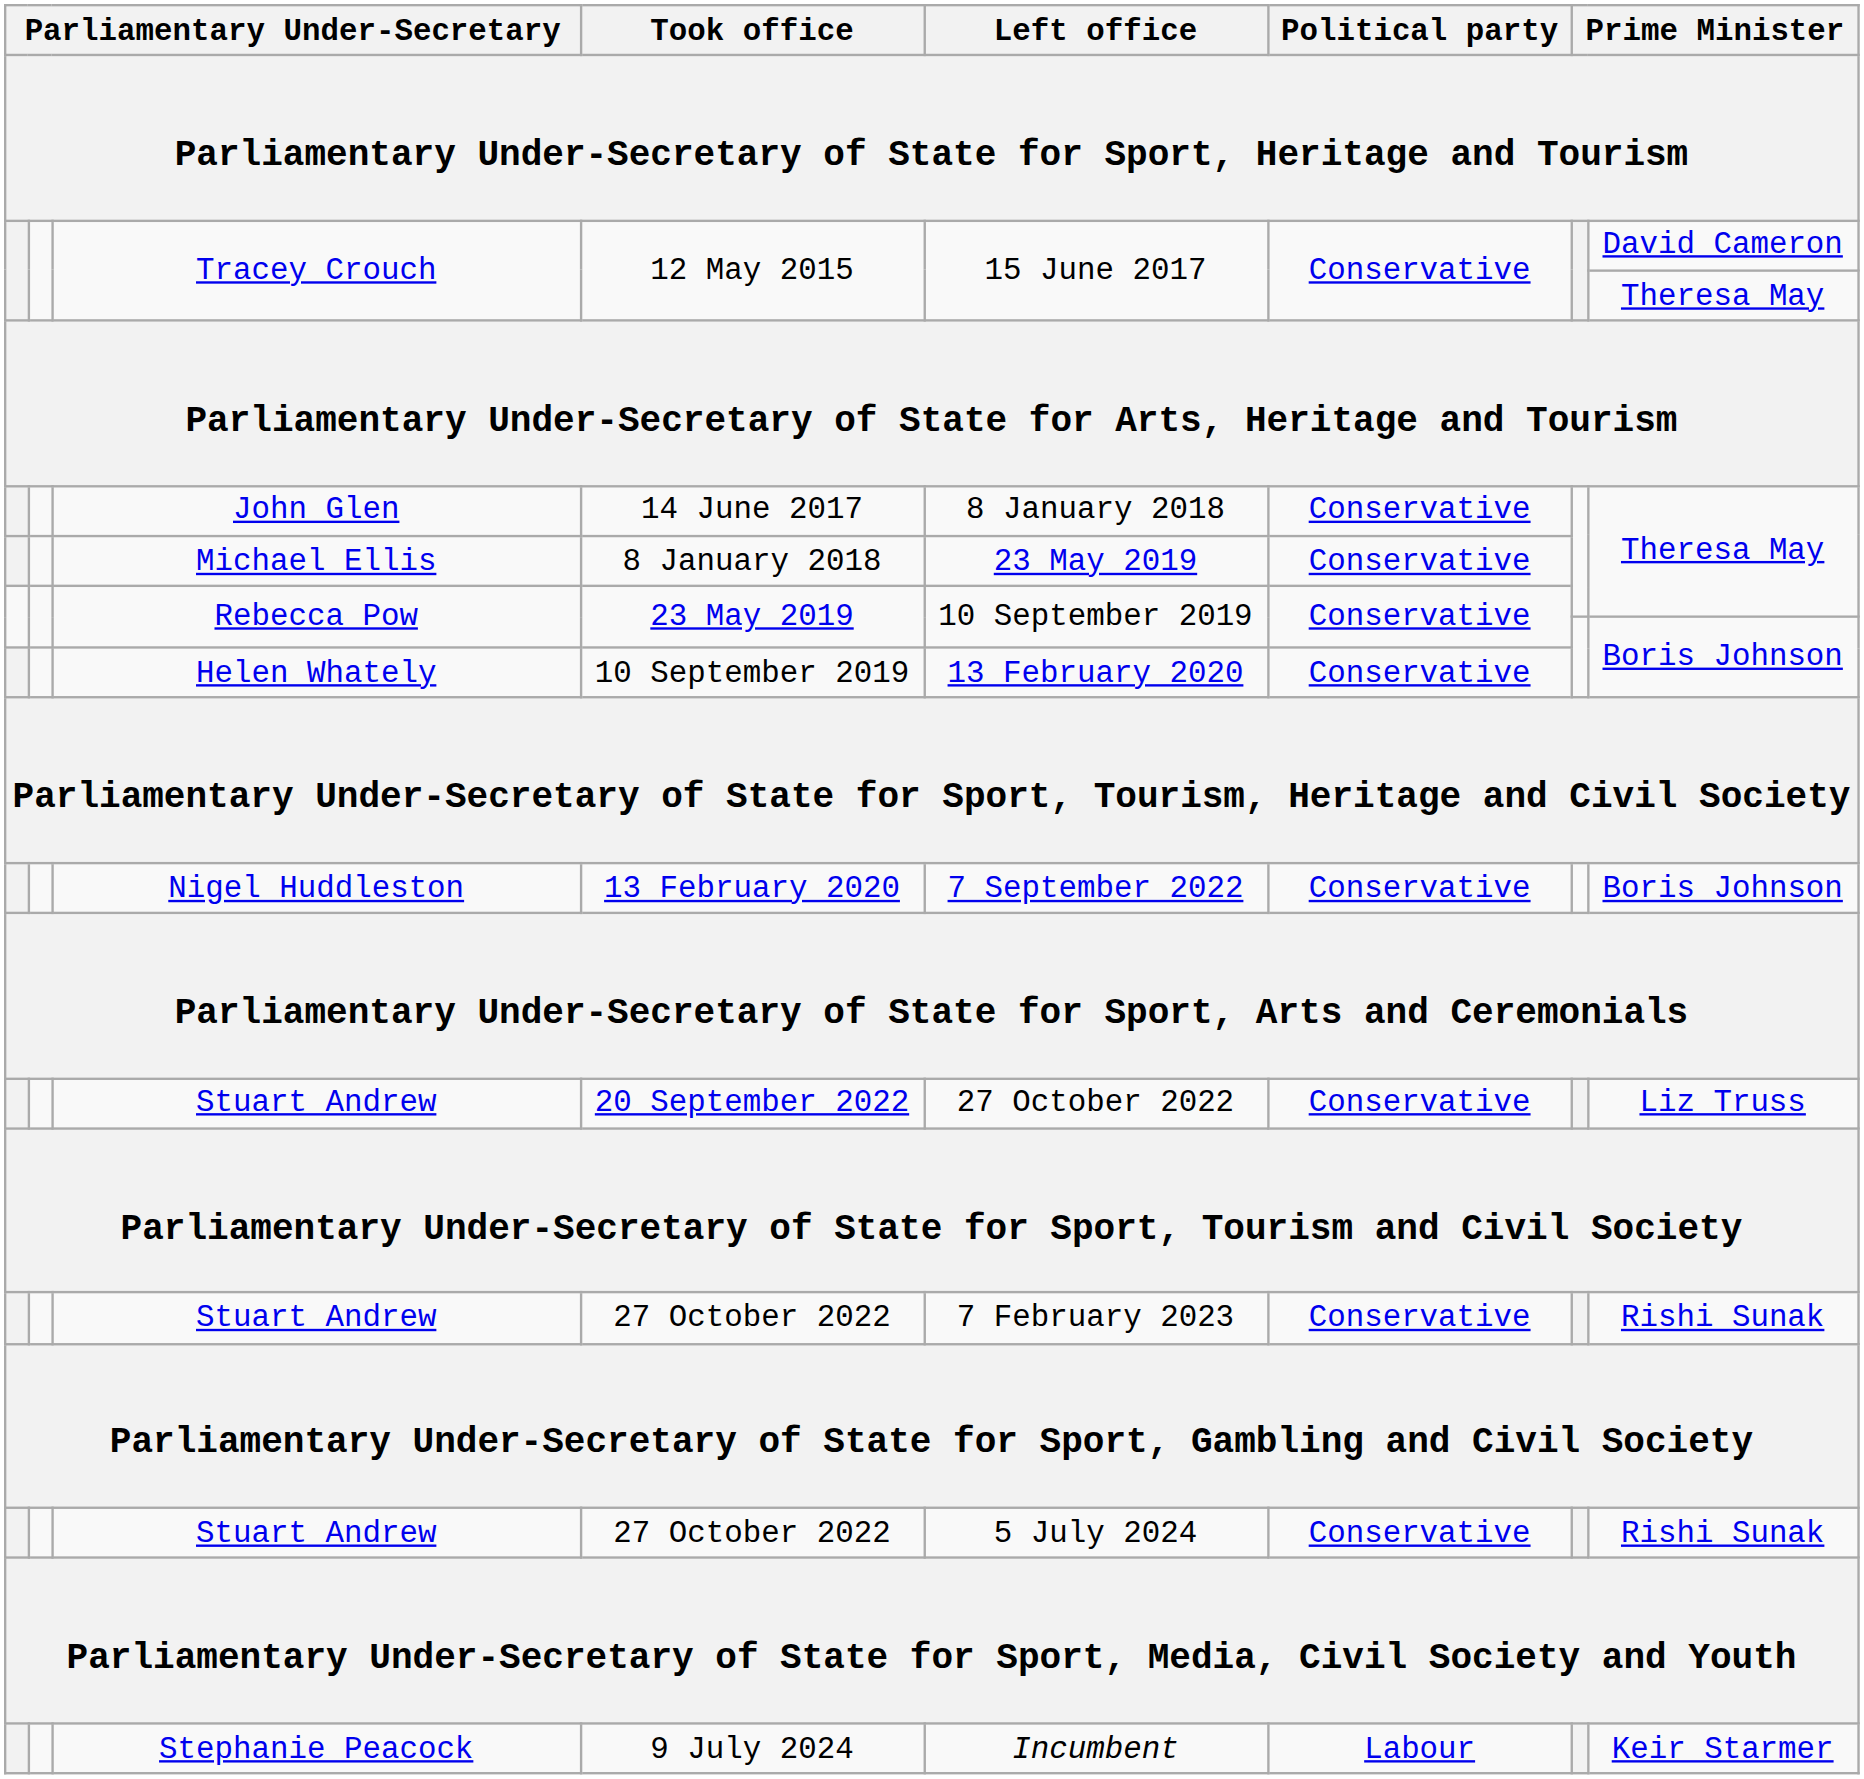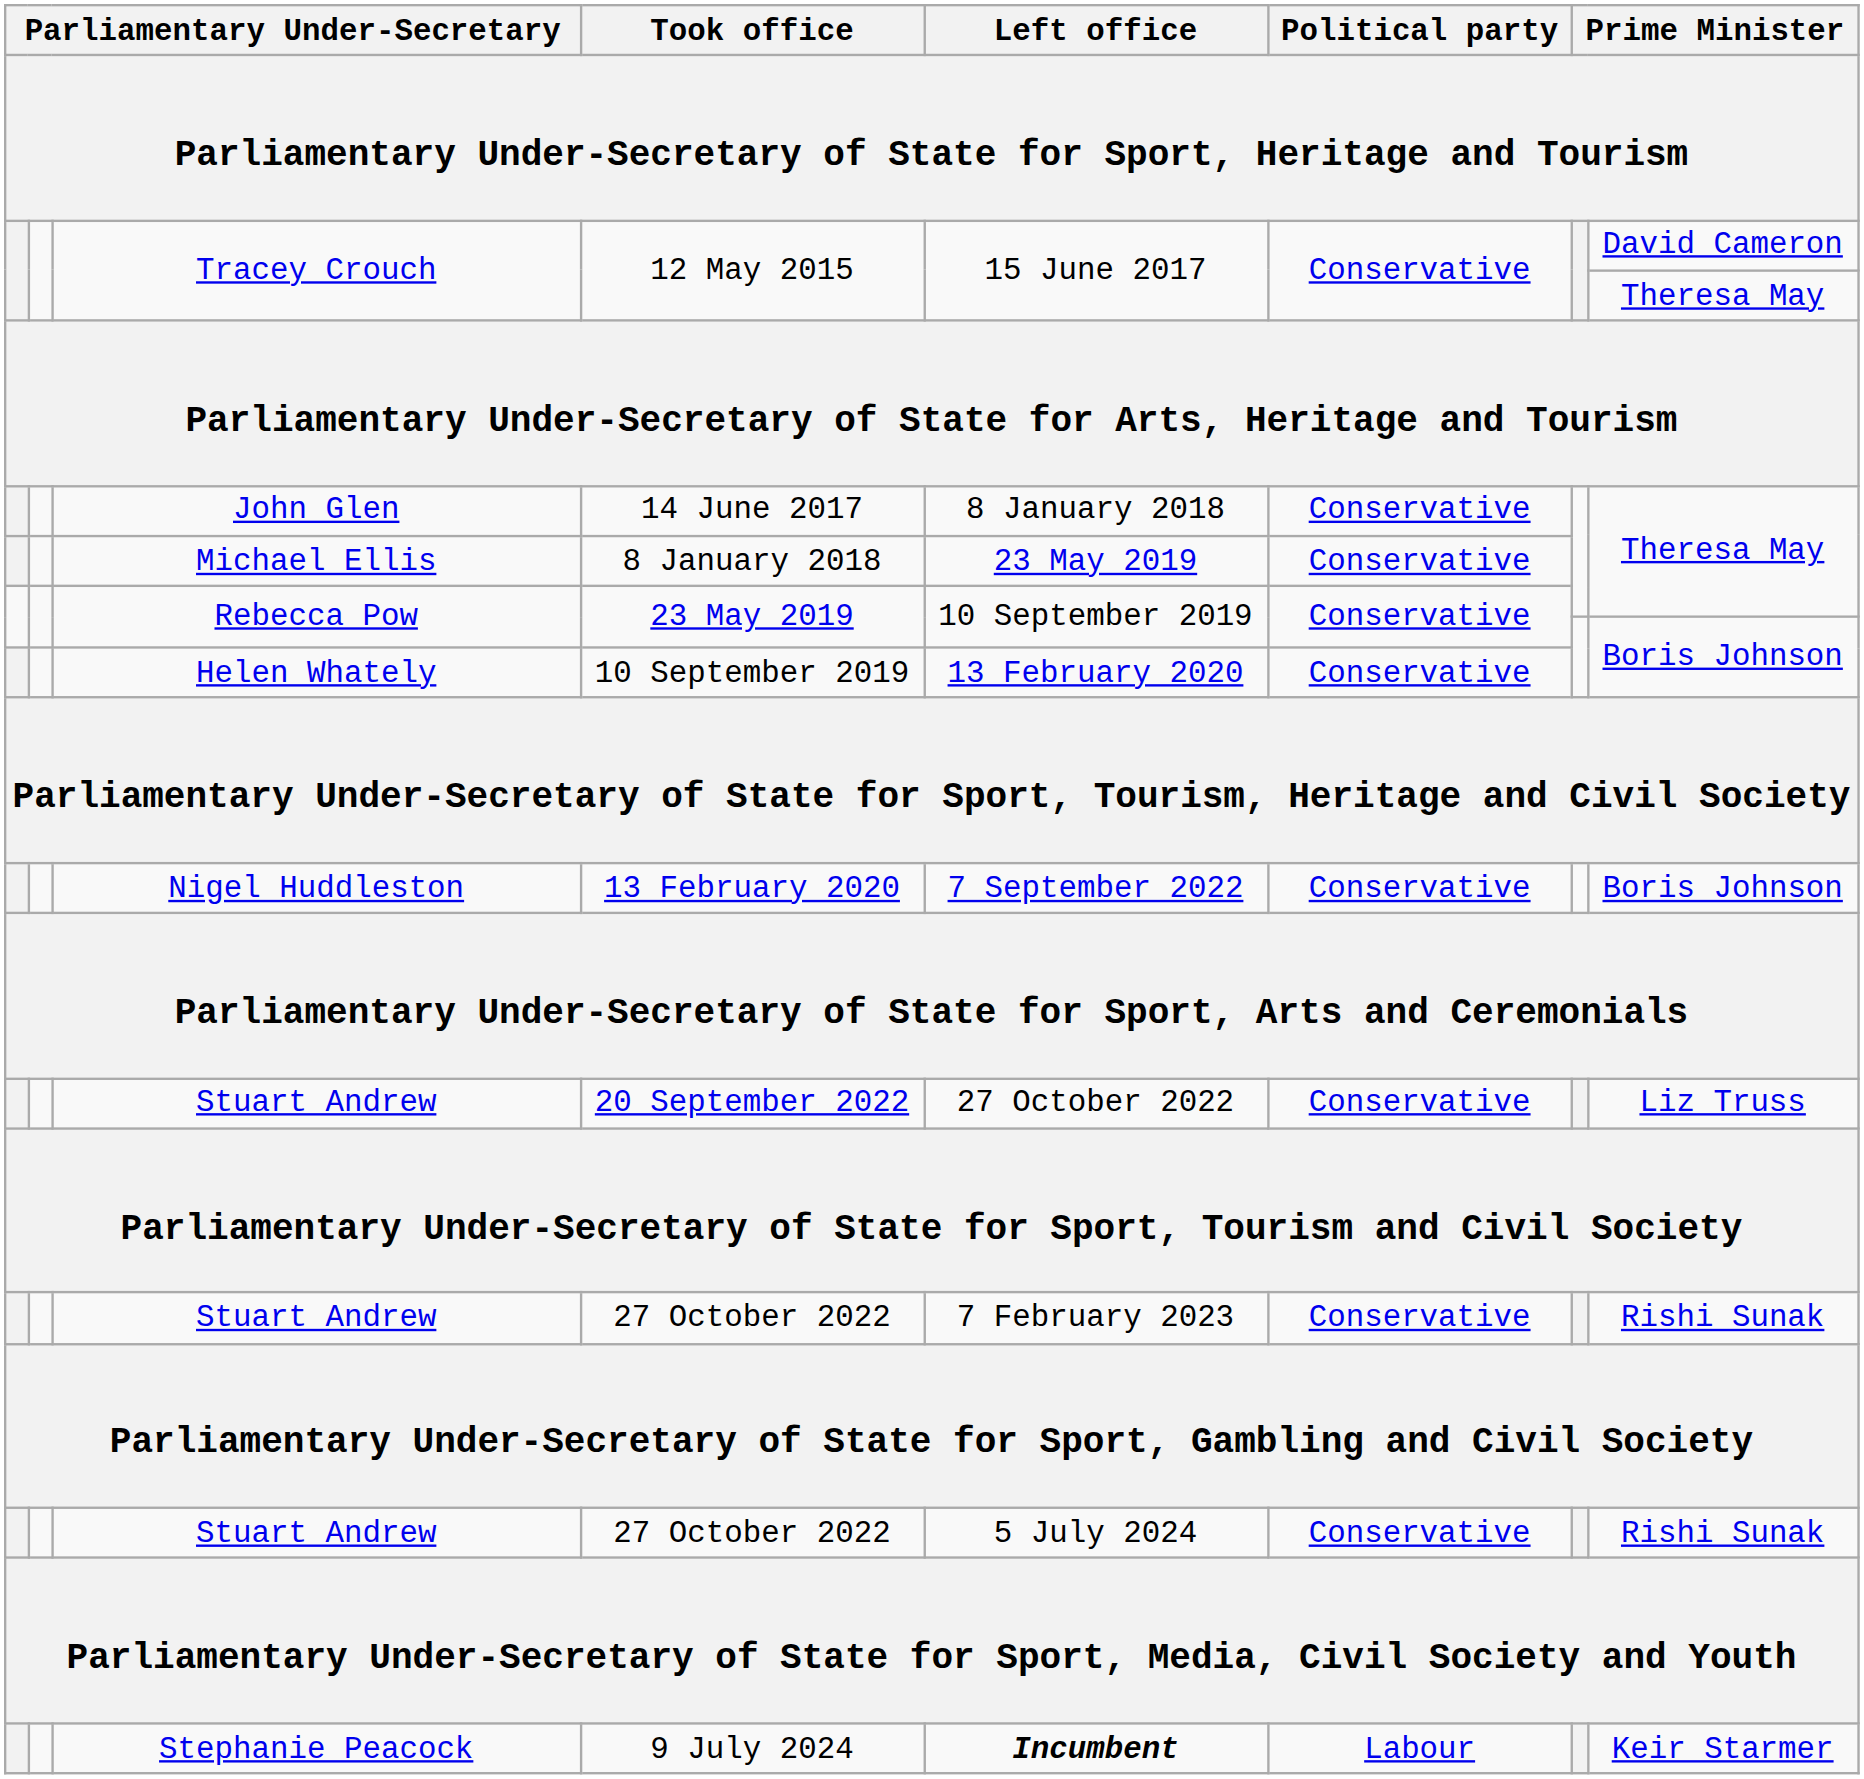 <table class="wikitable" style="text-align:center">
 <tr>
 <th colspan=3>Parliamentary Under-Secretary</th>
 <th>Took office</th>
 <th>Left office</th>
 <th>Political party</th>
 <th colspan=2>Prime Minister</th>
 </tr>
 <tr>
 <th colspan=99><br><h3>Parliamentary Under-Secretary of State for Sport, Heritage and Tourism</h3></th>
 </tr>
 <tr style="height:1em">
 <th rowspan=2 style="background-color:"></th>
 <td rowspan=2></td>
 <td rowspan=2><a href='#'>Tracey Crouch</a><br></td>
 <td rowspan=2>12 May 2015</td>
 <td rowspan=2>15 June 2017</td>
 <td rowspan=2><a href='#'>Conservative</a></td>
 <th rowspan=2 style="background-color:"></th>
 <td><a href='#'>David Cameron</a></td>
 </tr>
 <tr>
 <td><a href='#'>Theresa May</a></td>
 </tr>
 <tr>
 <th colspan=99><br><h3>Parliamentary Under-Secretary of State for Arts, Heritage and Tourism</h3></th>
 </tr>
 <tr style="height:1em">
 <th style="background-color:"></th>
 <td></td>
 <td><a href='#'>John Glen</a><br></td>
 <td>14 June 2017</td>
 <td>8 January 2018</td>
 <td><a href='#'>Conservative</a></td>
 <td rowspan=3 style="background-color:"></td>
 <td rowspan=3><a href='#'>Theresa May</a></td>
 </tr>
 <tr style="height:1em">
 <th style="background-color:"></th>
 <td></td>
 <td><a href='#'>Michael Ellis</a><br></td>
 <td>8 January 2018</td>
 <td><a href='#'>23 May 2019</a></td>
 <td><a href='#'>Conservative</a></td>
 </tr>
 <tr style="height:1em">
 <td rowspan=2 style="background-color:"></td>
 <td rowspan=2></td>
 <td rowspan=2><a href='#'>Rebecca Pow</a><br></td>
 <td rowspan=2><a href='#'>23 May 2019</a></td>
 <td rowspan=2>10 September 2019</td>
 <td rowspan=2><a href='#'>Conservative</a></td>
 </tr>
 <tr style="height:1em">
 <td rowspan=2 style="background-color:"></td>
 <td rowspan=2><a href='#'>Boris Johnson</a></td>
 </tr>
 <tr style="height:1em">
 <th style="background-color:"></th>
 <td></td>
 <td><a href='#'>Helen Whately</a><br></td>
 <td>10 September 2019</td>
 <td><a href='#'>13 February 2020</a></td>
 <td><a href='#'>Conservative</a></td>
 </tr>
 <tr>
 <th colspan=99><br><h3>Parliamentary Under-Secretary of State for Sport, Tourism, Heritage and Civil Society</h3></th>
 </tr>
 <tr style="height:1em">
 <th style="background-color:"></th>
 <td></td>
 <td><a href='#'>Nigel Huddleston</a><br></td>
 <td><a href='#'>13 February 2020</a></td>
 <td><a href='#'>7 September 2022</a></td>
 <td><a href='#'>Conservative</a></td>
 <td style="background-color:"></td>
 <td><a href='#'>Boris Johnson</a></td>
 </tr>
 <tr>
 <th colspan=99><br><h3>Parliamentary Under-Secretary of State for Sport, Arts and Ceremonials</h3></th>
 </tr>
 <tr style="height:1em">
 <th style="background-color:"></th>
 <td></td>
 <td><a href='#'>Stuart Andrew</a><br></td>
 <td><a href='#'>20 September 2022</a></td>
 <td>27 October 2022</td>
 <td><a href='#'>Conservative</a></td>
 <th style="background-color:"></th>
 <td><a href='#'>Liz Truss</a></td>
 </tr>
 <tr>
 <th colspan=99><br><h3>Parliamentary Under-Secretary of State for Sport, Tourism and Civil Society</h3></th>
 </tr>
 <tr style="height:1em">
 <th style="background-color:"></th>
 <td></td>
 <td><a href='#'>Stuart Andrew</a><br></td>
 <td>27 October 2022</td>
 <td>7 February 2023</td>
 <td><a href='#'>Conservative</a></td>
 <th style="background-color:"></th>
 <td><a href='#'>Rishi Sunak</a></td>
 </tr>
 <tr>
 <th colspan=99><br><h3>Parliamentary Under-Secretary of State for Sport, Gambling and Civil Society</h3></th>
 </tr>
 <tr style="height:1em">
 <th style="background-color:"></th>
 <td></td>
 <td><a href='#'>Stuart Andrew</a><br></td>
 <td>27 October 2022</td>
 <td>5 July 2024</td>
 <td><a href='#'>Conservative</a></td>
 <th style="background-color:"></th>
 <td><a href='#'>Rishi Sunak</a></td>
 </tr>
 <tr>
 <th colspan=99><br><h3>Parliamentary Under-Secretary of State for Sport, Media, Civil Society and Youth</h3></th>
 </tr>
 <tr style="height:1em">
 <th style="background-color:"></th>
 <td></td>
 <td><a href='#'>Stephanie Peacock</a><br></td>
 <td>9 July 2024</td>
-<td><em>Incumbent</em></td>
+<td><strong><em>Incumbent</em></strong></td>
 <td><a href='#'>Labour</a></td>
 <th style="background-color:"></th>
 <td><a href='#'>Keir Starmer</a></td>
 </tr>
 </table>
